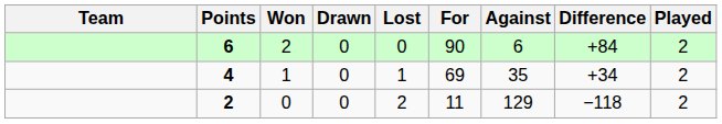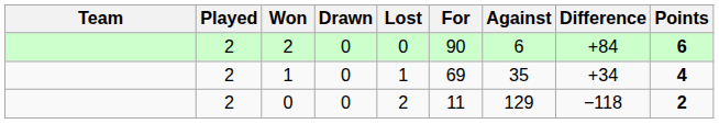 <table class="wikitable" style="text-align:center">
 <tr>
 <th width=165>Team</th>
-<th width=40>Points</th>
+<th width=40>Played</th>
 <th width=40>Won</th>
 <th width=40>Drawn</th>
 <th width=40>Lost</th>
 <th width=40>For</th>
 <th width=40>Against</th>
 <th width=40>Difference</th>
-<th width=40>Played</th>
+<th width=40>Points</th>
 </tr>
 <tr bgcolor=#ccffcc>
 <td style="text-align:left"></td>
-<td><strong>6</strong></td>
+<td>2</td>
 <td>2</td>
 <td>0</td>
 <td>0</td>
 <td>90</td>
 <td>6</td>
 <td>+84</td>
-<td>2</td>
+<td><strong>6</strong></td>
 </tr>
 <tr>
 <td style="text-align:left"></td>
-<td><strong>4</strong></td>
+<td>2</td>
 <td>1</td>
 <td>0</td>
 <td>1</td>
 <td>69</td>
 <td>35</td>
 <td>+34</td>
-<td>2</td>
+<td><strong>4</strong></td>
 </tr>
 <tr>
 <td style="text-align:left"></td>
-<td><strong>2</strong></td>
+<td>2</td>
 <td>0</td>
 <td>0</td>
 <td>2</td>
 <td>11</td>
 <td>129</td>
 <td>−118</td>
-<td>2</td>
+<td><strong>2</strong></td>
 </tr>
 </table>
